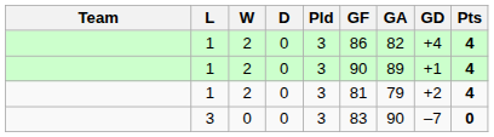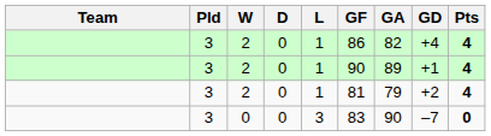 <table class="wikitable" style="text-align: center;">
 <tr>
 <th width="180">Team</th>
-<th width="30">L</th>
+<th width="30">Pld</th>
 <th width="30">W</th>
 <th width="30">D</th>
-<th width="30">Pld</th>
+<th width="30">L</th>
 <th width="30">GF</th>
 <th width="30">GA</th>
 <th width="30">GD</th>
 <th width="30">Pts</th>
 </tr>
 <tr bgcolor=#ccffcc>
 <td align="left"></td>
-<td>1</td>
+<td>3</td>
 <td>2</td>
 <td>0</td>
-<td>3</td>
+<td>1</td>
 <td>86</td>
 <td>82</td>
 <td>+4</td>
 <td><strong>4</strong></td>
 </tr>
 <tr bgcolor=#ccffcc>
 <td align="left"></td>
-<td>1</td>
+<td>3</td>
 <td>2</td>
 <td>0</td>
-<td>3</td>
+<td>1</td>
 <td>90</td>
 <td>89</td>
 <td>+1</td>
 <td><strong>4</strong></td>
 </tr>
 <tr>
 <td align="left"></td>
-<td>1</td>
+<td>3</td>
 <td>2</td>
 <td>0</td>
-<td>3</td>
+<td>1</td>
 <td>81</td>
 <td>79</td>
 <td>+2</td>
 <td><strong>4</strong></td>
 </tr>
 <tr>
 <td align="left"></td>
 <td>3</td>
 <td>0</td>
 <td>0</td>
 <td>3</td>
 <td>83</td>
 <td>90</td>
 <td>–7</td>
 <td><strong>0</strong></td>
 </tr>
 </table>
